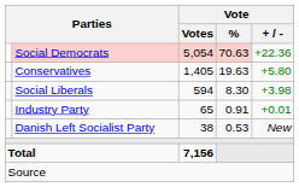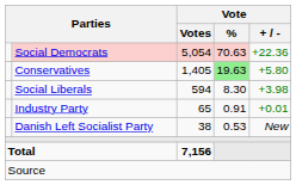 <table class="wikitable" style="text-align:right;">
 <tr>
 <th style="text-align:centre;" rowspan="2" colspan="2" width="225">Parties</th>
 <th colspan="3">Vote</th>
 </tr>
 <tr>
 <th width="15">Votes</th>
 <th width="15">%</th>
 <th width="15">+ / -</th>
 </tr>
 <tr>
 <td width="2" style="color:inherit;background:"></td>
 <td bgcolor=#fbd0ce  align="left"><a href='#'>Social Democrats</a></td>
 <td bgcolor=#fbd0ce>5,054</td>
 <td bgcolor=#fbd0ce>70.63</td>
 <td style=color:green;>+22.36</td>
 </tr>
 <tr>
 <td width="2" style="color:inherit;background:"></td>
 <td align="left"><a href='#'>Conservatives</a></td>
 <td>1,405</td>
-<td>19.63</td>
+<td style="background: lightgreen;">19.63</td>
 <td style=color:green;>+5.80</td>
 </tr>
 <tr>
 <td width="2" style="color:inherit;background:"></td>
 <td align="left"><a href='#'>Social Liberals</a></td>
 <td>594</td>
 <td>8.30</td>
 <td style=color:green;>+3.98</td>
 </tr>
 <tr>
 <td width="2" style="color:inherit;background:"></td>
 <td align="left"><a href='#'>Industry Party</a></td>
 <td>65</td>
 <td>0.91</td>
 <td style=color:green;>+0.01</td>
 </tr>
 <tr>
 <td width="2" style="color:inherit;background:"></td>
 <td align="left"><a href='#'>Danish Left Socialist Party</a></td>
 <td>38</td>
 <td>0.53</td>
 <td><em>New</em></td>
 </tr>
 <tr>
 <td colspan="7" bgcolor="#E9E9E9"></td>
 </tr>
 <tr>
 <td align="left" colspan="2"><strong>Total</strong></td>
 <td><strong>7,156</strong></td>
 <td bgcolor="#E9E9E9" colspan="2"></td>
 </tr>
 <tr>
 <td align="left" colspan="6">Source</td>
 </tr>
 </table>
